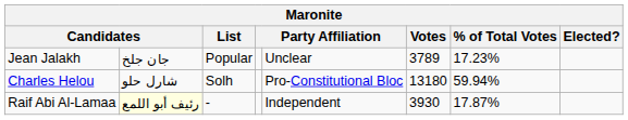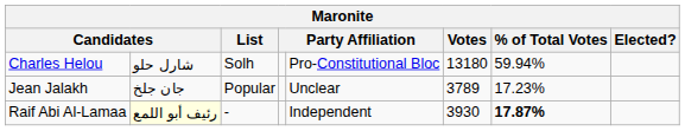 <table class="wikitable sortable">
 <tr>
 <th colspan="8">Maronite</th>
 </tr>
 <tr>
 <th colspan="2">Candidates</th>
 <th>List</th>
 <th colspan="2">Party Affiliation</th>
 <th>Votes</th>
 <th>% of Total Votes</th>
 <th>Elected?</th>
 </tr>
 <tr>
+<td><a href='#'>Charles Helou</a></td>
+<td>شارل حلو</td>
+<td>Solh</td>
+<td style="background: "></td>
+<td>Pro-<a href='#'>Constitutional Bloc</a></td>
+<td>13180</td>
+<td>59.94%</td>
+<td></td>
+</tr>
+<tr>
 <td>Jean Jalakh</td>
 <td>جان جلخ</td>
 <td>Popular</td>
 <td style="background: "></td>
 <td>Unclear</td>
 <td>3789</td>
 <td>17.23%</td>
 <td></td>
 </tr>
 <tr>
-<td><a href='#'>Charles Helou</a></td>
-<td>شارل حلو</td>
-<td>Solh</td>
-<td style="background: "></td>
-<td>Pro-<a href='#'>Constitutional Bloc</a></td>
-<td>13180</td>
-<td>59.94%</td>
-<td></td>
-</tr>
-<tr>
 <td>Raif Abi Al-Lamaa</td>
 <td style="background: lightyellow;">رئيف أبو اللمع</td>
 <td>-</td>
 <td style="background: "></td>
 <td>Independent</td>
 <td>3930</td>
-<td>17.87%</td>
+<td><strong>17.87%</strong></td>
 <td></td>
 </tr>
 </table>
